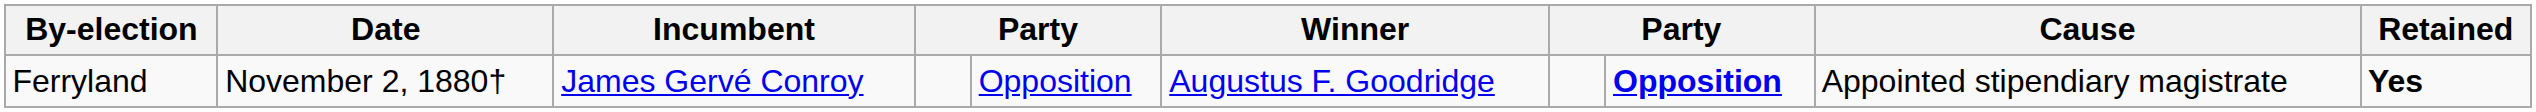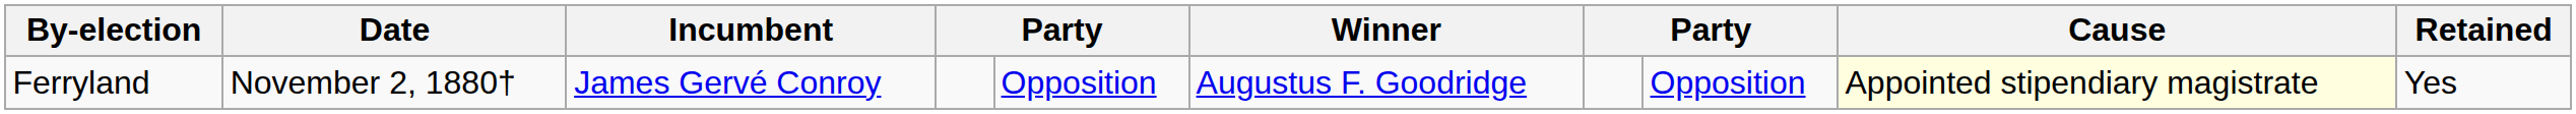 <table class=wikitable style="width:100%">
 <tr>
 <th>By-election</th>
 <th>Date</th>
 <th>Incumbent</th>
 <th colspan=2>Party</th>
 <th>Winner</th>
 <th colspan=2>Party</th>
 <th>Cause</th>
 <th>Retained</th>
 </tr>
 <tr>
 <td>Ferryland</td>
 <td>November 2, 1880†</td>
 <td><a href='#'>James Gervé Conroy</a></td>
 <td>    </td>
 <td><a href='#'>Opposition</a></td>
 <td><a href='#'>Augustus F. Goodridge</a></td>
 <td>    </td>
-<td><strong><a href='#'>Opposition</a></strong></td>
-<td>Appointed stipendiary magistrate</td>
-<td><strong>Yes</strong></td>
+<td><a href='#'>Opposition</a></td>
+<td style="background: lightyellow;">Appointed stipendiary magistrate</td>
+<td>Yes</td>
 </tr>
 </table>
